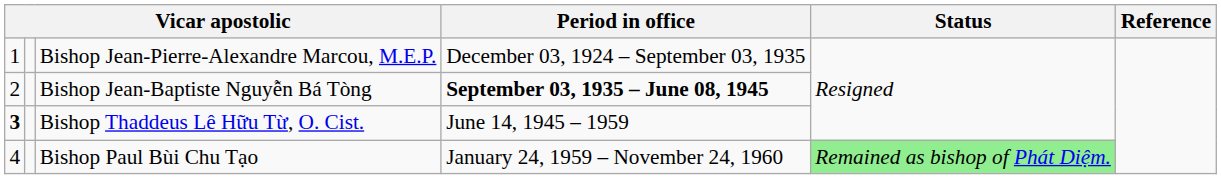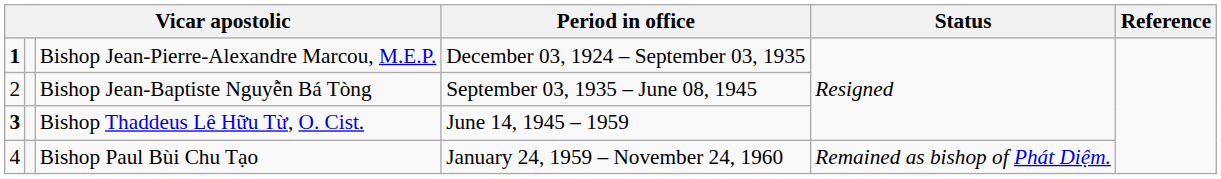 <table class="wikitable">
 <tr>
 <th colspan="3">Vicar apostolic</th>
 <th>Period in office</th>
 <th>Status</th>
 <th>Reference</th>
 </tr>
 <tr>
-<td>1</td>
+<td><strong>1</strong></td>
 <td></td>
 <td>Bishop Jean-Pierre-Alexandre Marcou, <a href='#'>M.E.P.</a></td>
 <td>December 03, 1924 – September 03, 1935</td>
 <td rowspan=3><em>Resigned</em></td>
 <td rowspan=4></td>
 </tr>
 <tr>
 <td>2</td>
 <td></td>
 <td>Bishop Jean-Baptiste Nguyễn Bá Tòng</td>
-<td><strong>September 03, 1935 – June 08, 1945</strong></td>
+<td>September 03, 1935 – June 08, 1945</td>
 </tr>
 <tr>
 <td><strong>3</strong></td>
 <td></td>
 <td>Bishop <a href='#'>Thaddeus Lê Hữu Từ</a>, <a href='#'>O. Cist.</a></td>
 <td>June 14, 1945 – 1959</td>
 </tr>
 <tr>
 <td>4</td>
 <td></td>
 <td>Bishop Paul Bùi Chu Tạo</td>
 <td>January 24, 1959 – November 24, 1960</td>
-<td style="background: lightgreen;"><em>Remained as bishop of <a href='#'>Phát Diệm.</a></em></td>
+<td><em>Remained as bishop of <a href='#'>Phát Diệm.</a></em></td>
 </tr>
 </table>
